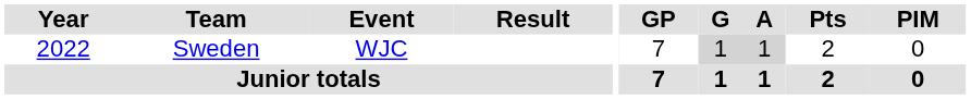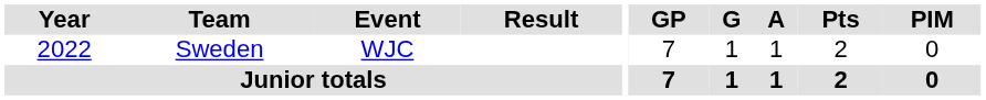 <table border="0" cellpadding="1" cellspacing="0" ID="Table3" style="text-align:center; width:40em">
 <tr bgcolor="#e0e0e0">
 <th>Year</th>
 <th>Team</th>
 <th>Event</th>
 <th>Result</th>
 <th rowspan="102" bgcolor="#ffffff"></th>
 <th>GP</th>
 <th>G</th>
 <th>A</th>
 <th>Pts</th>
 <th>PIM</th>
 </tr>
 <tr>
 <td><a href='#'>2022</a></td>
 <td><a href='#'>Sweden</a></td>
 <td><a href='#'>WJC</a></td>
 <td></td>
 <td>7</td>
-<td style="background: lightgrey;">1</td>
-<td style="background: lightgrey;">1</td>
+<td>1</td>
+<td>1</td>
 <td>2</td>
 <td>0</td>
 </tr>
 <tr bgcolor="#e0e0e0">
 <th colspan="4">Junior totals</th>
 <th>7</th>
 <th>1</th>
 <th>1</th>
 <th>2</th>
 <th>0</th>
 </tr>
 </table>
